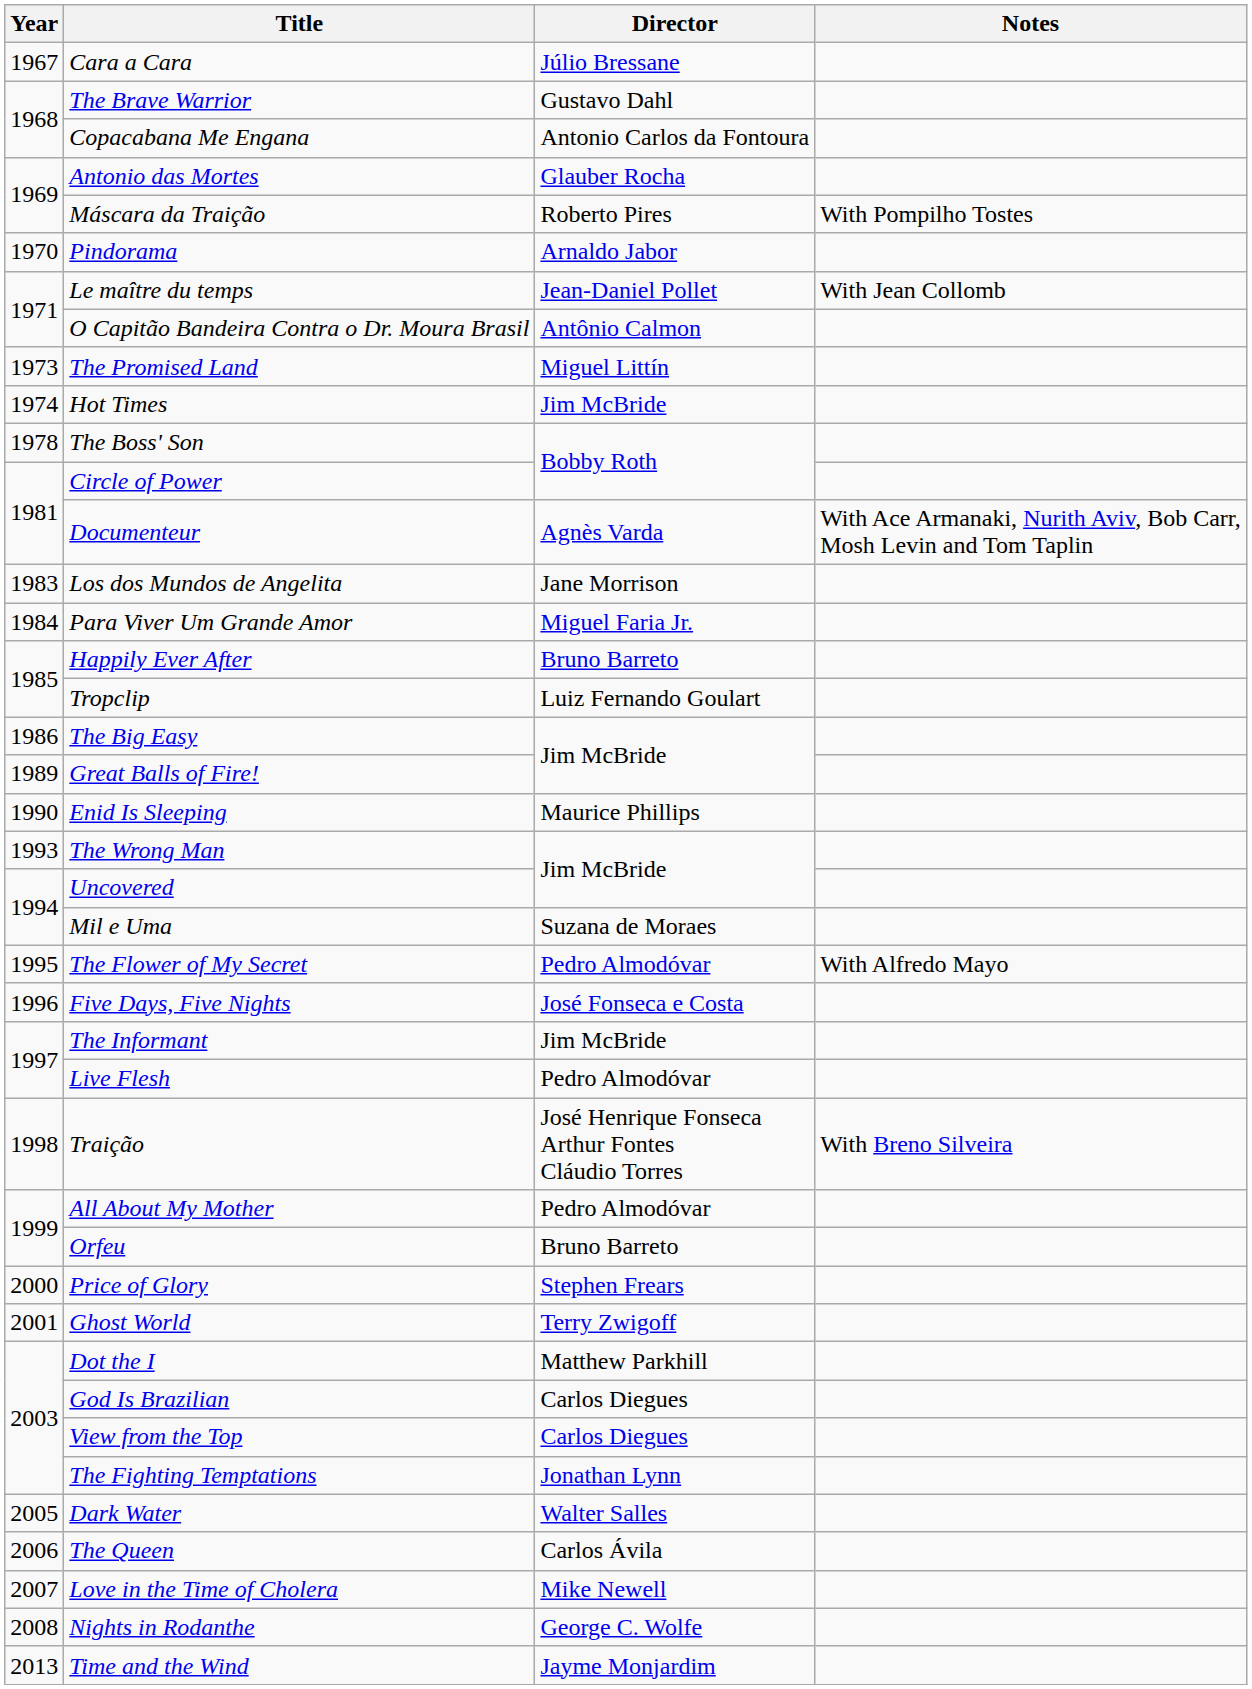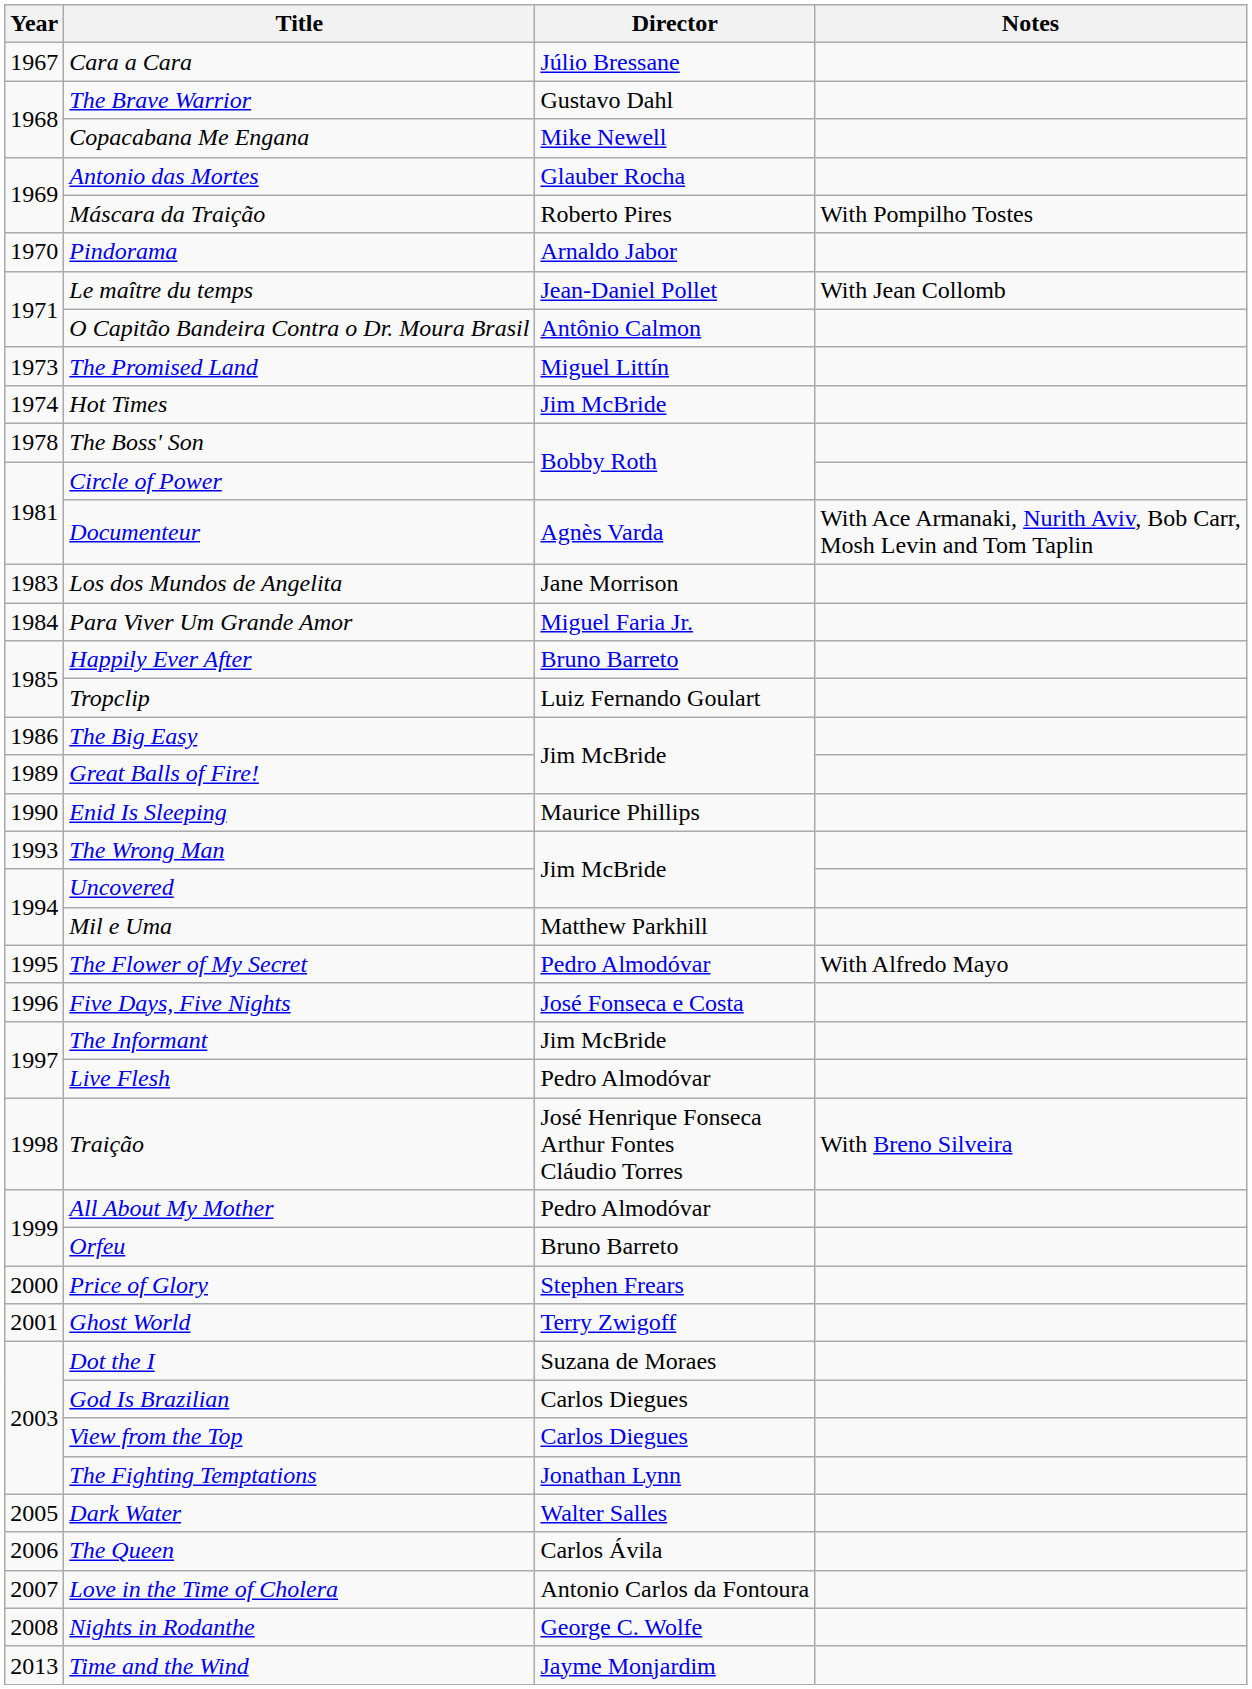 <table class="wikitable">
 <tr>
 <th>Year</th>
 <th>Title</th>
 <th>Director</th>
 <th>Notes</th>
 </tr>
 <tr>
 <td>1967</td>
 <td><em>Cara a Cara</em></td>
 <td><a href='#'>Júlio Bressane</a></td>
 <td></td>
 </tr>
 <tr>
 <td rowspan=2>1968</td>
 <td><em><a href='#'>The Brave Warrior</a></em></td>
 <td>Gustavo Dahl</td>
 <td></td>
 </tr>
 <tr>
 <td><em>Copacabana Me Engana</em></td>
-<td>Antonio Carlos da Fontoura</td>
+<td><a href='#'>Mike Newell</a></td>
 <td></td>
 </tr>
 <tr>
 <td rowspan=2>1969</td>
 <td><em><a href='#'>Antonio das Mortes</a></em></td>
 <td><a href='#'>Glauber Rocha</a></td>
 <td></td>
 </tr>
 <tr>
 <td><em>Máscara da Traição</em></td>
 <td>Roberto Pires</td>
 <td>With Pompilho Tostes</td>
 </tr>
 <tr>
 <td>1970</td>
 <td><em><a href='#'>Pindorama</a></em></td>
 <td><a href='#'>Arnaldo Jabor</a></td>
 <td></td>
 </tr>
 <tr>
 <td rowspan=2>1971</td>
 <td><em>Le maître du temps</em></td>
 <td><a href='#'>Jean-Daniel Pollet</a></td>
 <td>With Jean Collomb</td>
 </tr>
 <tr>
 <td><em>O Capitão Bandeira Contra o Dr. Moura Brasil</em></td>
 <td><a href='#'>Antônio Calmon</a></td>
 <td></td>
 </tr>
 <tr>
 <td>1973</td>
 <td><em><a href='#'>The Promised Land</a></em></td>
 <td><a href='#'>Miguel Littín</a></td>
 <td></td>
 </tr>
 <tr>
 <td>1974</td>
 <td><em>Hot Times</em></td>
 <td><a href='#'>Jim McBride</a></td>
 <td></td>
 </tr>
 <tr>
 <td>1978</td>
 <td><em>The Boss' Son</em></td>
 <td rowspan=2><a href='#'>Bobby Roth</a></td>
 <td></td>
 </tr>
 <tr>
 <td rowspan=2>1981</td>
 <td><em><a href='#'>Circle of Power</a></em></td>
 <td></td>
 </tr>
 <tr>
 <td><em><a href='#'>Documenteur</a></em></td>
 <td><a href='#'>Agnès Varda</a></td>
 <td>With Ace Armanaki, <a href='#'>Nurith Aviv</a>, Bob Carr,<br>Mosh Levin and Tom Taplin</td>
 </tr>
 <tr>
 <td>1983</td>
 <td><em>Los dos Mundos de Angelita</em></td>
 <td>Jane Morrison</td>
 <td></td>
 </tr>
 <tr>
 <td>1984</td>
 <td><em>Para Viver Um Grande Amor</em></td>
 <td><a href='#'>Miguel Faria Jr.</a></td>
 <td></td>
 </tr>
 <tr>
 <td rowspan=2>1985</td>
 <td><em><a href='#'>Happily Ever After</a></em></td>
 <td><a href='#'>Bruno Barreto</a></td>
 <td></td>
 </tr>
 <tr>
 <td><em>Tropclip</em></td>
 <td>Luiz Fernando Goulart</td>
 <td></td>
 </tr>
 <tr>
 <td>1986</td>
 <td><em><a href='#'>The Big Easy</a></em></td>
 <td rowspan=2>Jim McBride</td>
 <td></td>
 </tr>
 <tr>
 <td>1989</td>
 <td><em><a href='#'>Great Balls of Fire!</a></em></td>
 <td></td>
 </tr>
 <tr>
 <td>1990</td>
 <td><em><a href='#'>Enid Is Sleeping</a></em></td>
 <td>Maurice Phillips</td>
 <td></td>
 </tr>
 <tr>
 <td>1993</td>
 <td><em><a href='#'>The Wrong Man</a></em></td>
 <td rowspan=2>Jim McBride</td>
 <td></td>
 </tr>
 <tr>
 <td rowspan=2>1994</td>
 <td><em><a href='#'>Uncovered</a></em></td>
 <td></td>
 </tr>
 <tr>
 <td><em>Mil e Uma</em></td>
-<td>Suzana de Moraes</td>
+<td>Matthew Parkhill</td>
 <td></td>
 </tr>
 <tr>
 <td>1995</td>
 <td><em><a href='#'>The Flower of My Secret</a></em></td>
 <td><a href='#'>Pedro Almodóvar</a></td>
 <td>With Alfredo Mayo</td>
 </tr>
 <tr>
 <td>1996</td>
 <td><em><a href='#'>Five Days, Five Nights</a></em></td>
 <td><a href='#'>José Fonseca e Costa</a></td>
 <td></td>
 </tr>
 <tr>
 <td rowspan=2>1997</td>
 <td><em><a href='#'>The Informant</a></em></td>
 <td>Jim McBride</td>
 <td></td>
 </tr>
 <tr>
 <td><em><a href='#'>Live Flesh</a></em></td>
 <td>Pedro Almodóvar</td>
 <td></td>
 </tr>
 <tr>
 <td>1998</td>
 <td><em>Traição</em></td>
 <td>José Henrique Fonseca<br>Arthur Fontes<br>Cláudio Torres</td>
 <td>With <a href='#'>Breno Silveira</a></td>
 </tr>
 <tr>
 <td rowspan=2>1999</td>
 <td><em><a href='#'>All About My Mother</a></em></td>
 <td>Pedro Almodóvar</td>
 <td></td>
 </tr>
 <tr>
 <td><em><a href='#'>Orfeu</a></em></td>
 <td>Bruno Barreto</td>
 <td></td>
 </tr>
 <tr>
 <td>2000</td>
 <td><em><a href='#'>Price of Glory</a></em></td>
 <td><a href='#'>Stephen Frears</a></td>
 <td></td>
 </tr>
 <tr>
 <td>2001</td>
 <td><em><a href='#'>Ghost World</a></em></td>
 <td><a href='#'>Terry Zwigoff</a></td>
 <td></td>
 </tr>
 <tr>
 <td rowspan=4>2003</td>
 <td><em><a href='#'>Dot the I</a></em></td>
-<td>Matthew Parkhill</td>
+<td>Suzana de Moraes</td>
 <td></td>
 </tr>
 <tr>
 <td><em><a href='#'>God Is Brazilian</a></em></td>
 <td>Carlos Diegues</td>
 <td></td>
 </tr>
 <tr>
 <td><em><a href='#'>View from the Top</a></em></td>
 <td><a href='#'>Carlos Diegues</a></td>
 <td></td>
 </tr>
 <tr>
 <td><em><a href='#'>The Fighting Temptations</a></em></td>
 <td><a href='#'>Jonathan Lynn</a></td>
 <td></td>
 </tr>
 <tr>
 <td>2005</td>
 <td><em><a href='#'>Dark Water</a></em></td>
 <td><a href='#'>Walter Salles</a></td>
 <td></td>
 </tr>
 <tr>
 <td>2006</td>
 <td><em><a href='#'>The Queen</a></em></td>
 <td>Carlos Ávila</td>
 <td></td>
 </tr>
 <tr>
 <td>2007</td>
 <td><em><a href='#'>Love in the Time of Cholera</a></em></td>
-<td><a href='#'>Mike Newell</a></td>
+<td>Antonio Carlos da Fontoura</td>
 <td></td>
 </tr>
 <tr>
 <td>2008</td>
 <td><em><a href='#'>Nights in Rodanthe</a></em></td>
 <td><a href='#'>George C. Wolfe</a></td>
 <td></td>
 </tr>
 <tr>
 <td>2013</td>
 <td><em><a href='#'>Time and the Wind</a></em></td>
 <td><a href='#'>Jayme Monjardim</a></td>
 <td></td>
 </tr>
 </table>
